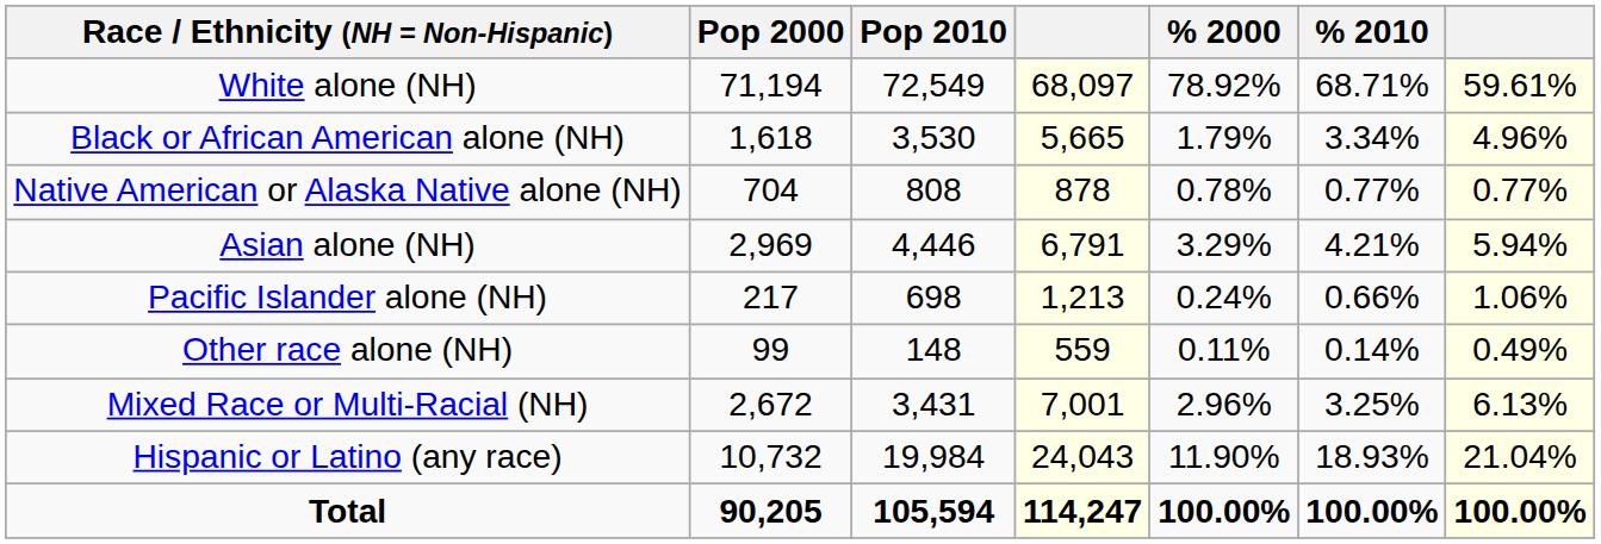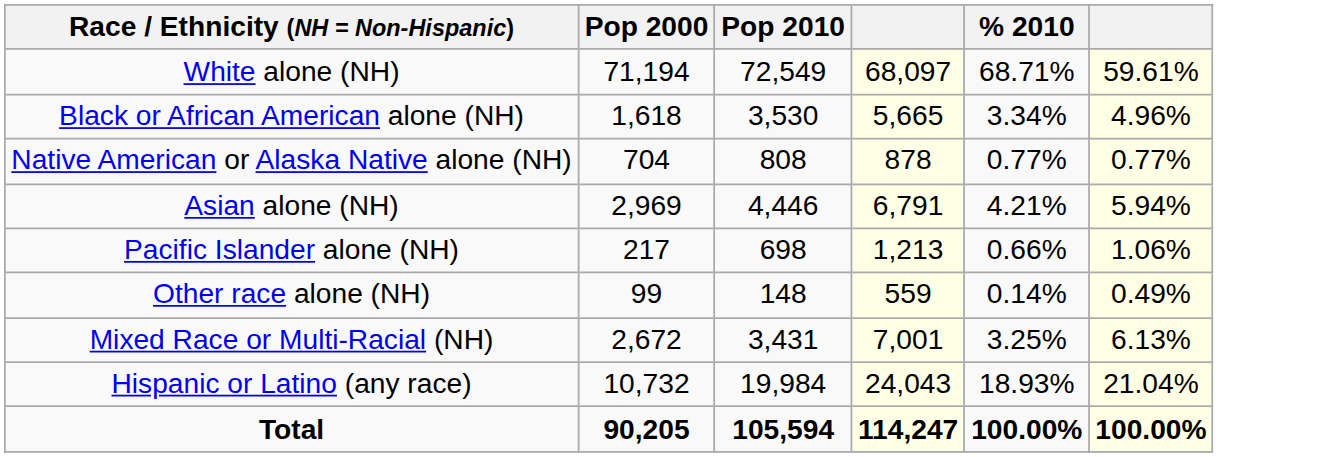 <table class="wikitable" style="text-align:center;">
 <tr>
 <th>Race / Ethnicity <small>(<em>NH = Non-Hispanic</em>)</small></th>
 <th>Pop 2000</th>
 <th>Pop 2010</th>
 <th></th>
-<th>% 2000</th>
 <th>% 2010</th>
 <th></th>
 </tr>
 <tr>
 <td><a href='#'>White</a> alone (NH)</td>
 <td>71,194</td>
 <td>72,549</td>
 <td style='background: #ffffe6;'>68,097</td>
-<td>78.92%</td>
 <td>68.71%</td>
 <td style='background: #ffffe6;'>59.61%</td>
 </tr>
 <tr>
 <td><a href='#'>Black or African American</a> alone (NH)</td>
 <td>1,618</td>
 <td>3,530</td>
 <td style='background: #ffffe6;'>5,665</td>
-<td>1.79%</td>
 <td>3.34%</td>
 <td style='background: #ffffe6;'>4.96%</td>
 </tr>
 <tr>
 <td><a href='#'>Native American</a> or <a href='#'>Alaska Native</a> alone (NH)</td>
 <td>704</td>
 <td>808</td>
 <td style='background: #ffffe6;'>878</td>
-<td>0.78%</td>
 <td>0.77%</td>
 <td style='background: #ffffe6;'>0.77%</td>
 </tr>
 <tr>
 <td><a href='#'>Asian</a> alone (NH)</td>
 <td>2,969</td>
 <td>4,446</td>
 <td style='background: #ffffe6;'>6,791</td>
-<td>3.29%</td>
 <td>4.21%</td>
 <td style='background: #ffffe6;'>5.94%</td>
 </tr>
 <tr>
 <td><a href='#'>Pacific Islander</a> alone (NH)</td>
 <td>217</td>
 <td>698</td>
 <td style='background: #ffffe6;'>1,213</td>
-<td>0.24%</td>
 <td>0.66%</td>
 <td style='background: #ffffe6;'>1.06%</td>
 </tr>
 <tr>
 <td><a href='#'>Other race</a> alone (NH)</td>
 <td>99</td>
 <td>148</td>
 <td style='background: #ffffe6;'>559</td>
-<td>0.11%</td>
 <td>0.14%</td>
 <td style='background: #ffffe6;'>0.49%</td>
 </tr>
 <tr>
 <td><a href='#'>Mixed Race or Multi-Racial</a> (NH)</td>
 <td>2,672</td>
 <td>3,431</td>
 <td style='background: #ffffe6;'>7,001</td>
-<td>2.96%</td>
 <td>3.25%</td>
 <td style='background: #ffffe6;'>6.13%</td>
 </tr>
 <tr>
 <td><a href='#'>Hispanic or Latino</a> (any race)</td>
 <td>10,732</td>
 <td>19,984</td>
 <td style='background: #ffffe6;'>24,043</td>
-<td>11.90%</td>
 <td>18.93%</td>
 <td style='background: #ffffe6;'>21.04%</td>
 </tr>
 <tr>
 <td><strong>Total</strong></td>
 <td><strong>90,205</strong></td>
 <td><strong>105,594</strong></td>
 <td style='background: #ffffe6;'><strong>114,247</strong></td>
 <td><strong>100.00%</strong></td>
-<td><strong>100.00%</strong></td>
 <td style='background: #ffffe6;'><strong>100.00%</strong></td>
 </tr>
 </table>
